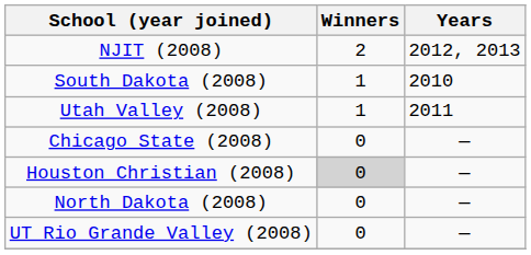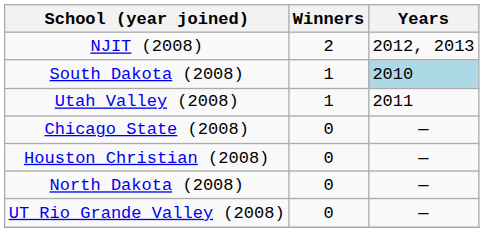 <table class="wikitable" align="center">
 <tr>
 <th>School (year joined)</th>
 <th>Winners</th>
 <th>Years</th>
 </tr>
 <tr align="center">
 <td><a href='#'>NJIT</a> (2008)</td>
 <td>2</td>
 <td align="left">2012, 2013</td>
 </tr>
 <tr align="center">
 <td><a href='#'>South Dakota</a> (2008)</td>
 <td>1</td>
-<td align="left">2010</td>
+<td align="left" style="background: lightblue;">2010</td>
 </tr>
 <tr align="center">
 <td><a href='#'>Utah Valley</a> (2008)</td>
 <td>1</td>
 <td align="left">2011</td>
 </tr>
 <tr align="center">
 <td><a href='#'>Chicago State</a> (2008)</td>
 <td>0</td>
 <td>—</td>
 </tr>
 <tr align="center">
 <td><a href='#'>Houston Christian</a> (2008)</td>
-<td style="background: lightgrey;">0</td>
+<td>0</td>
 <td>—</td>
 </tr>
 <tr align="center">
 <td><a href='#'>North Dakota</a> (2008)</td>
 <td>0</td>
 <td>—</td>
 </tr>
 <tr align="center">
 <td><a href='#'>UT Rio Grande Valley</a> (2008)</td>
 <td>0</td>
 <td>—</td>
 </tr>
 <tr>
 </tr>
 </table>
